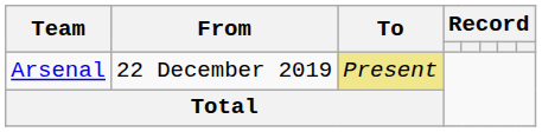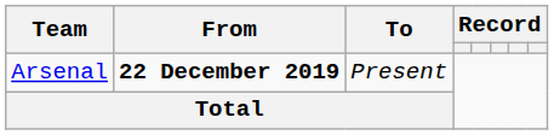 <table class="wikitable" style="text-align: center;">
 <tr>
 <th rowspan="2">Team</th>
 <th rowspan="2">From</th>
 <th rowspan="2">To</th>
 <th colspan="5">Record</th>
 </tr>
 <tr>
 <th></th>
 <th></th>
 <th></th>
 <th></th>
 <th></th>
 </tr>
 <tr>
 <td align="left"><a href='#'>Arsenal</a></td>
-<td align="left">22 December 2019</td>
-<td align="left" style="background: khaki;"><em>Present</em><br></td>
+<td align="left"><strong>22 December 2019</strong></td>
+<td align="left"><em>Present</em><br></td>
 </tr>
 <tr>
 <th colspan="3">Total<br></th>
 </tr>
 </table>
